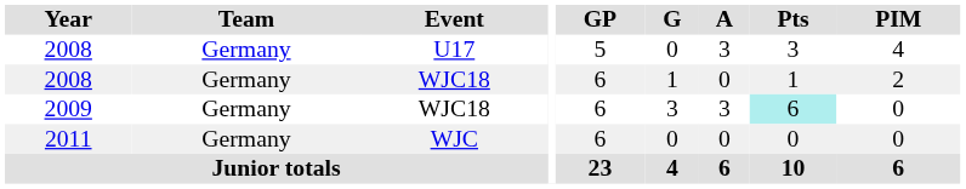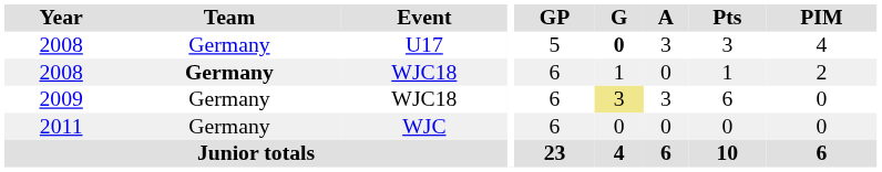 <table border="0" cellpadding="1" cellspacing="0" ID="Table3" style="text-align:center; width:40em">
 <tr ALIGN="center" bgcolor="#e0e0e0">
 <th>Year</th>
 <th>Team</th>
 <th>Event</th>
 <th rowspan="99" bgcolor="#ffffff"></th>
 <th>GP</th>
 <th>G</th>
 <th>A</th>
 <th>Pts</th>
 <th>PIM</th>
 </tr>
 <tr ALIGN="center">
 <td><a href='#'>2008</a></td>
 <td><a href='#'>Germany</a></td>
 <td><a href='#'>U17</a></td>
 <td>5</td>
-<td>0</td>
+<td><strong>0</strong></td>
 <td>3</td>
 <td>3</td>
 <td>4</td>
 </tr>
 <tr ALIGN="center" bgcolor="#f0f0f0">
 <td><a href='#'>2008</a></td>
-<td>Germany</td>
+<td><strong>Germany</strong></td>
 <td><a href='#'>WJC18</a></td>
 <td>6</td>
 <td>1</td>
 <td>0</td>
 <td>1</td>
 <td>2</td>
 </tr>
 <tr ALIGN="center">
 <td><a href='#'>2009</a></td>
 <td>Germany</td>
 <td>WJC18</td>
 <td>6</td>
+<td style="background: khaki;">3</td>
 <td>3</td>
-<td>3</td>
-<td style="background: paleturquoise;">6</td>
+<td>6</td>
 <td>0</td>
 </tr>
 <tr ALIGN="center" bgcolor="#f0f0f0">
 <td><a href='#'>2011</a></td>
 <td>Germany</td>
 <td><a href='#'>WJC</a></td>
 <td>6</td>
 <td>0</td>
 <td>0</td>
 <td>0</td>
 <td>0</td>
 </tr>
 <tr bgcolor="#e0e0e0">
 <th colspan="3">Junior totals</th>
 <th>23</th>
 <th>4</th>
 <th>6</th>
 <th>10</th>
 <th>6</th>
 </tr>
 </table>
